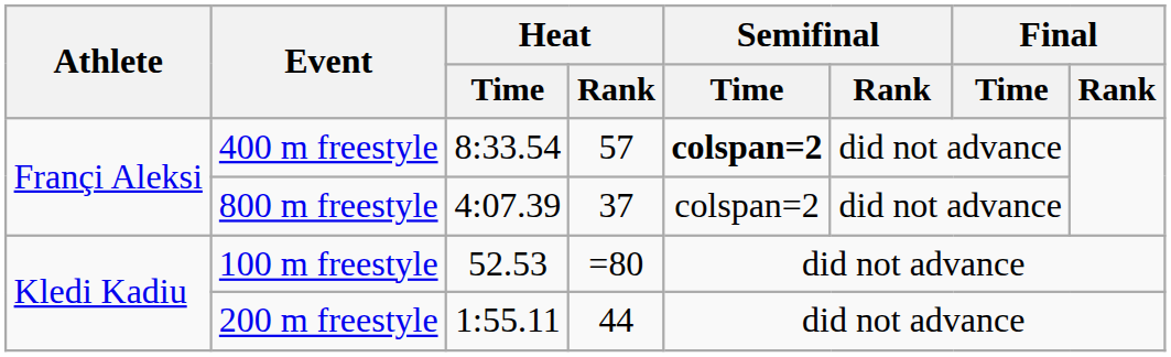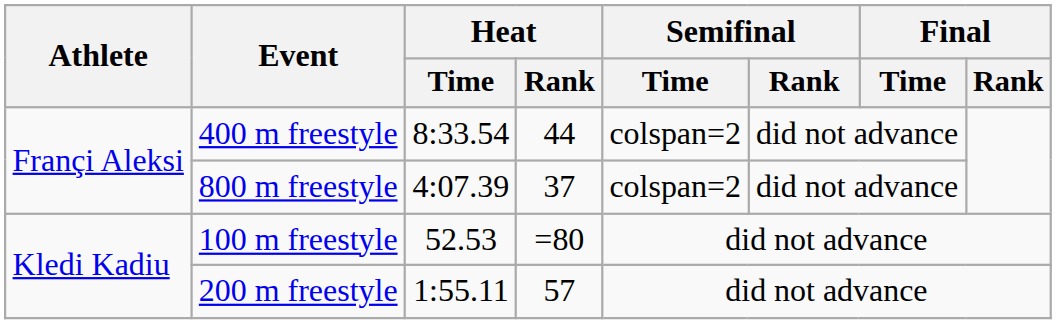 <table class="wikitable" style="text-align:center; font-size:90%">
 <tr>
 <th rowspan="2">Athlete</th>
 <th rowspan="2">Event</th>
 <th colspan="2">Heat</th>
 <th colspan="2">Semifinal</th>
 <th colspan="2">Final</th>
 </tr>
 <tr style="font-size:95%">
 <th>Time</th>
 <th>Rank</th>
 <th>Time</th>
 <th>Rank</th>
 <th>Time</th>
 <th>Rank</th>
 </tr>
 <tr>
 <td align=left rowspan=2><a href='#'>Françi Aleksi</a></td>
 <td align=left><a href='#'>400 m freestyle</a></td>
 <td>8:33.54</td>
-<td>57</td>
-<td><strong>colspan=2 </strong></td>
+<td>44</td>
+<td>colspan=2 </td>
 <td colspan=2>did not advance</td>
 </tr>
 <tr>
 <td align=left><a href='#'>800 m freestyle</a></td>
 <td>4:07.39</td>
 <td>37</td>
 <td>colspan=2 </td>
 <td colspan=2>did not advance</td>
 </tr>
 <tr>
 <td align=left rowspan=2><a href='#'>Kledi Kadiu</a></td>
 <td align=left><a href='#'>100 m freestyle</a></td>
 <td>52.53</td>
 <td>=80</td>
 <td colspan=4>did not advance</td>
 </tr>
 <tr>
 <td align=left><a href='#'>200 m freestyle</a></td>
 <td>1:55.11</td>
-<td>44</td>
+<td>57</td>
 <td colspan=4>did not advance</td>
 </tr>
 </table>
